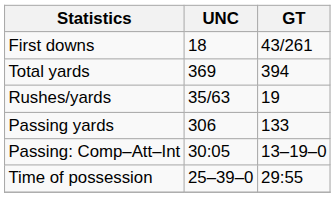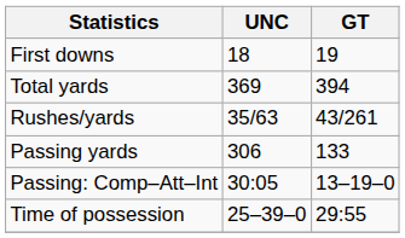 <table class="wikitable" style="float: left;">
 <tr>
 <th>Statistics</th>
 <th>UNC</th>
 <th>GT</th>
 </tr>
 <tr>
 <td>First downs</td>
 <td>18</td>
-<td>43/261</td>
+<td>19</td>
 </tr>
 <tr>
 <td>Total yards</td>
 <td>369</td>
 <td>394</td>
 </tr>
 <tr>
 <td>Rushes/yards</td>
 <td>35/63</td>
-<td>19</td>
+<td>43/261</td>
 </tr>
 <tr>
 <td>Passing yards</td>
 <td>306</td>
 <td>133</td>
 </tr>
 <tr>
 <td>Passing: Comp–Att–Int</td>
 <td>30:05</td>
 <td>13–19–0</td>
 </tr>
 <tr>
 <td>Time of possession</td>
 <td>25–39–0</td>
 <td>29:55</td>
 </tr>
 <tr>
 </tr>
 </table>
